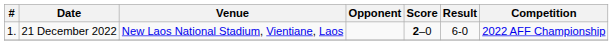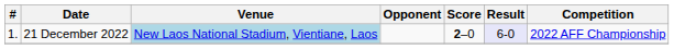 <table class="wikitable">
 <tr>
 <th>#</th>
 <th>Date</th>
 <th>Venue</th>
 <th>Opponent</th>
 <th>Score</th>
 <th>Result</th>
 <th>Competition</th>
 </tr>
 <tr>
 <td>1.</td>
 <td>21 December 2022</td>
-<td><a href='#'>New Laos National Stadium</a>, <a href='#'>Vientiane</a>, <a href='#'>Laos</a></td>
+<td style="background: lightblue;"><a href='#'>New Laos National Stadium</a>, <a href='#'>Vientiane</a>, <a href='#'>Laos</a></td>
 <td></td>
 <td align=center><strong>2</strong>–0</td>
-<td align=center>6-0</td>
+<td align=center style="background: lavender;">6-0</td>
 <td><a href='#'>2022 AFF Championship</a></td>
 </tr>
 <tr>
 </tr>
 </table>
